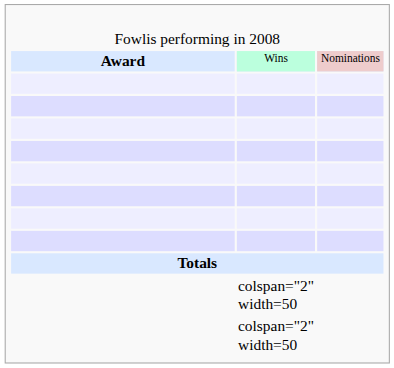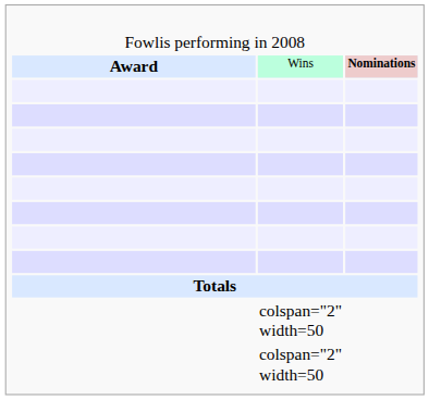 <table class="infobox" style="width: 25em; text-align: left; font-size: 90%; vertical-align: middle;">
 <tr>
 <td colspan="3" style="text-align:center;"><br>Fowlis performing in 2008</td>
 </tr>
 <tr bgcolor=#D9E8FF style="text-align:center;">
 <th style="vertical-align: middle;">Award</th>
 <td style="background:#BFD; font-size:8pt;" width="60px">Wins</td>
-<td style="background:#eecccc; font-size:8pt;" width="60px">Nominations</td>
+<td style="background:#eecccc; font-size:8pt;" width="60px"><strong>Nominations</strong></td>
 </tr>
 <tr bgcolor=#eeeeff>
 <td align="center"><br></td>
 <td></td>
 <td></td>
 </tr>
 <tr bgcolor=#ddddff>
 <td align="center"><br></td>
 <td></td>
 <td></td>
 </tr>
 <tr bgcolor=#eeeeff>
 <td align="center"><br></td>
 <td></td>
 <td></td>
 </tr>
 <tr bgcolor=#ddddff>
 <td align="center"><br></td>
 <td></td>
 <td></td>
 </tr>
 <tr bgcolor=#eeeeff>
 <td align="center"><br></td>
 <td></td>
 <td></td>
 </tr>
 <tr bgcolor=#ddddff>
 <td align="center"><br></td>
 <td></td>
 <td></td>
 </tr>
 <tr bgcolor=#eeeeff>
 <td align="center"><br></td>
 <td></td>
 <td></td>
 </tr>
 <tr bgcolor=#ddddff>
 <td align="center"><br></td>
 <td></td>
 <td></td>
 </tr>
 <tr bgcolor=#D9E8FF>
 <td colspan="3" style="text-align:center;"><strong>Totals</strong></td>
 </tr>
 <tr>
 <td></td>
 <td>colspan="2" width=50 </td>
 </tr>
 <tr>
 <td></td>
 <td>colspan="2" width=50 </td>
 </tr>
 <tr>
 </tr>
 </table>
